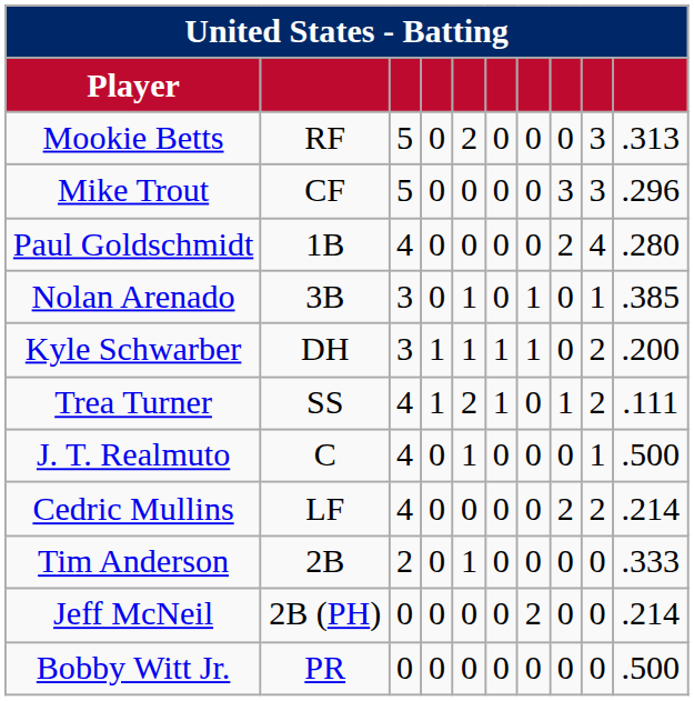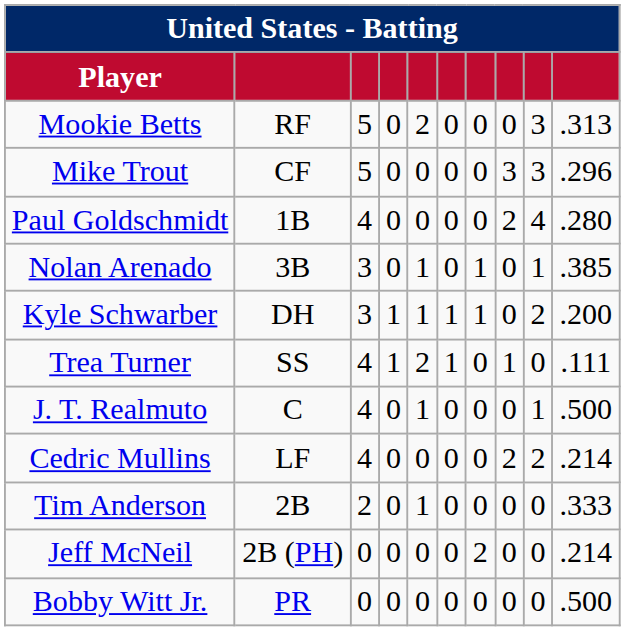 <table class="wikitable sortable" style="text-align:center;">
 <tr>
 <th colspan=10 style="background: #002868; color: #FFFFFF;"> United States - Batting</th>
 </tr>
 <tr>
 <th style="background-color: #BF0A30; color: #FFFFFF;">Player</th>
 <th style="background-color: #BF0A30; color: #FFFFFF;"><a href='#'></a></th>
 <th style="background-color: #BF0A30; color: #FFFFFF;"></th>
 <th style="background-color: #BF0A30; color: #FFFFFF;"></th>
 <th style="background-color: #BF0A30; color: #FFFFFF;"></th>
 <th style="background-color: #BF0A30; color: #FFFFFF;"></th>
 <th style="background-color: #BF0A30; color: #FFFFFF;"></th>
 <th style="background-color: #BF0A30; color: #FFFFFF;"></th>
 <th style="background-color: #BF0A30; color: #FFFFFF;"></th>
 <th style="background-color: #BF0A30; color: #FFFFFF;"></th>
 </tr>
 <tr>
 <td><a href='#'>Mookie Betts</a></td>
 <td>RF</td>
 <td>5</td>
 <td>0</td>
 <td>2</td>
 <td>0</td>
 <td>0</td>
 <td>0</td>
 <td>3</td>
 <td>.313</td>
 </tr>
 <tr>
 <td><a href='#'>Mike Trout</a></td>
 <td>CF</td>
 <td>5</td>
 <td>0</td>
 <td>0</td>
 <td>0</td>
 <td>0</td>
 <td>3</td>
 <td>3</td>
 <td>.296</td>
 </tr>
 <tr>
 <td><a href='#'>Paul Goldschmidt</a></td>
 <td>1B</td>
 <td>4</td>
 <td>0</td>
 <td>0</td>
 <td>0</td>
 <td>0</td>
 <td>2</td>
 <td>4</td>
 <td>.280</td>
 </tr>
 <tr>
 <td><a href='#'>Nolan Arenado</a></td>
 <td>3B</td>
 <td>3</td>
 <td>0</td>
 <td>1</td>
 <td>0</td>
 <td>1</td>
 <td>0</td>
 <td>1</td>
 <td>.385</td>
 </tr>
 <tr>
 <td><a href='#'>Kyle Schwarber</a></td>
 <td>DH</td>
 <td>3</td>
 <td>1</td>
 <td>1</td>
 <td>1</td>
 <td>1</td>
 <td>0</td>
 <td>2</td>
 <td>.200</td>
 </tr>
 <tr>
 <td><a href='#'>Trea Turner</a></td>
 <td>SS</td>
 <td>4</td>
 <td>1</td>
 <td>2</td>
 <td>1</td>
 <td>0</td>
 <td>1</td>
-<td>2</td>
+<td>0</td>
 <td>.111</td>
 </tr>
 <tr>
 <td><a href='#'>J. T. Realmuto</a></td>
 <td>C</td>
 <td>4</td>
 <td>0</td>
 <td>1</td>
 <td>0</td>
 <td>0</td>
 <td>0</td>
 <td>1</td>
 <td>.500</td>
 </tr>
 <tr>
 <td><a href='#'>Cedric Mullins</a></td>
 <td>LF</td>
 <td>4</td>
 <td>0</td>
 <td>0</td>
 <td>0</td>
 <td>0</td>
 <td>2</td>
 <td>2</td>
 <td>.214</td>
 </tr>
 <tr>
 <td><a href='#'>Tim Anderson</a></td>
 <td>2B</td>
 <td>2</td>
 <td>0</td>
 <td>1</td>
 <td>0</td>
 <td>0</td>
 <td>0</td>
 <td>0</td>
 <td>.333</td>
 </tr>
 <tr>
 <td><a href='#'>Jeff McNeil</a></td>
 <td>2B (<a href='#'>PH</a>)</td>
 <td>0</td>
 <td>0</td>
 <td>0</td>
 <td>0</td>
 <td>2</td>
 <td>0</td>
 <td>0</td>
 <td>.214</td>
 </tr>
 <tr>
 <td><a href='#'>Bobby Witt Jr.</a></td>
 <td><a href='#'>PR</a></td>
 <td>0</td>
 <td>0</td>
 <td>0</td>
 <td>0</td>
 <td>0</td>
 <td>0</td>
 <td>0</td>
 <td>.500</td>
 </tr>
 </table>
